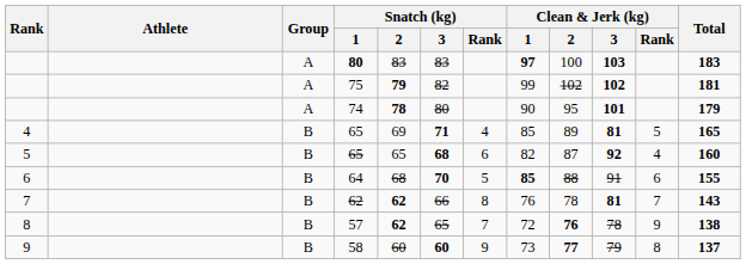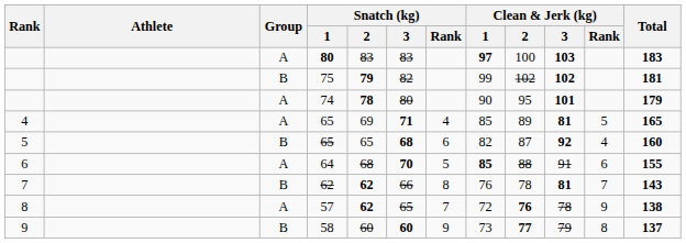 <table class = "wikitable" style="text-align:center;">
 <tr>
 <th rowspan=2 width=40>Rank</th>
 <th rowspan=2 width=250>Athlete</th>
 <th rowspan=2 width=50>Group</th>
 <th colspan=4>Snatch (kg)</th>
 <th colspan=4>Clean & Jerk (kg)</th>
 <th rowspan=2 width=60>Total</th>
 </tr>
 <tr>
 <th width=40>1</th>
 <th width=40>2</th>
 <th width=40>3</th>
 <th width=40>Rank</th>
 <th width=40>1</th>
 <th width=40>2</th>
 <th width=40>3</th>
 <th width=40>Rank</th>
 </tr>
 <tr>
 <td></td>
 <td align=left></td>
 <td>A</td>
 <td><strong>80</strong></td>
 <td><s>83</s></td>
 <td><s>83</s></td>
 <td></td>
 <td><strong>97</strong></td>
 <td>100</td>
 <td><strong>103</strong></td>
 <td></td>
 <td><strong>183</strong></td>
 </tr>
 <tr>
 <td></td>
 <td align=left></td>
-<td>A</td>
+<td>B</td>
 <td>75</td>
 <td><strong>79</strong></td>
 <td><s>82</s></td>
 <td></td>
 <td>99</td>
 <td><s>102</s></td>
 <td><strong>102</strong></td>
 <td></td>
 <td><strong>181</strong></td>
 </tr>
 <tr>
 <td></td>
 <td align=left></td>
 <td>A</td>
 <td>74</td>
 <td><strong>78</strong></td>
 <td><s>80</s></td>
 <td></td>
 <td>90</td>
 <td>95</td>
 <td><strong>101</strong></td>
 <td></td>
 <td><strong>179</strong></td>
 </tr>
 <tr>
 <td>4</td>
 <td align=left></td>
-<td>B</td>
+<td>A</td>
 <td>65</td>
 <td>69</td>
 <td><strong>71</strong></td>
 <td>4</td>
 <td>85</td>
 <td>89</td>
 <td><strong>81</strong></td>
 <td>5</td>
 <td><strong>165</strong></td>
 </tr>
 <tr>
 <td>5</td>
 <td align=left></td>
 <td>B</td>
 <td><s>65</s></td>
 <td>65</td>
 <td><strong>68</strong></td>
 <td>6</td>
 <td>82</td>
 <td>87</td>
 <td><strong>92</strong></td>
 <td>4</td>
 <td><strong>160</strong></td>
 </tr>
 <tr>
 <td>6</td>
 <td align=left></td>
-<td>B</td>
+<td>A</td>
 <td>64</td>
 <td><s>68</s></td>
 <td><strong>70</strong></td>
 <td>5</td>
 <td><strong>85</strong></td>
 <td><s>88</s></td>
 <td><s>91</s></td>
 <td>6</td>
 <td><strong>155</strong></td>
 </tr>
 <tr>
 <td>7</td>
 <td align=left></td>
 <td>B</td>
 <td><s>62</s></td>
 <td><strong>62</strong></td>
 <td><s>66</s></td>
 <td>8</td>
 <td>76</td>
 <td>78</td>
 <td><strong>81</strong></td>
 <td>7</td>
 <td><strong>143</strong></td>
 </tr>
 <tr>
 <td>8</td>
 <td align=left></td>
-<td>B</td>
+<td>A</td>
 <td>57</td>
 <td><strong>62</strong></td>
 <td><s>65</s></td>
 <td>7</td>
 <td>72</td>
 <td><strong>76</strong></td>
 <td><s>78</s></td>
 <td>9</td>
 <td><strong>138</strong></td>
 </tr>
 <tr>
 <td>9</td>
 <td align=left></td>
 <td>B</td>
 <td>58</td>
 <td><s>60</s></td>
 <td><strong>60</strong></td>
 <td>9</td>
 <td>73</td>
 <td><strong>77</strong></td>
 <td><s>79</s></td>
 <td>8</td>
 <td><strong>137</strong></td>
 </tr>
 </table>
